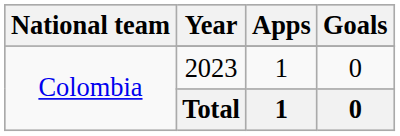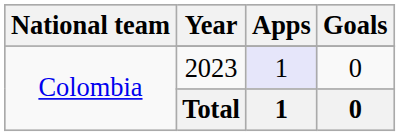 <table class="wikitable" style="text-align:center">
 <tr>
 <th>National team</th>
 <th>Year</th>
 <th>Apps</th>
 <th>Goals</th>
 </tr>
 <tr>
 <td rowspan="3"><a href='#'>Colombia</a></td>
 </tr>
 <tr>
 <td>2023</td>
-<td>1</td>
+<td style="background: lavender;">1</td>
 <td>0</td>
 </tr>
 <tr>
 <th colspan="1">Total</th>
 <th>1</th>
 <th>0</th>
 </tr>
 </table>
